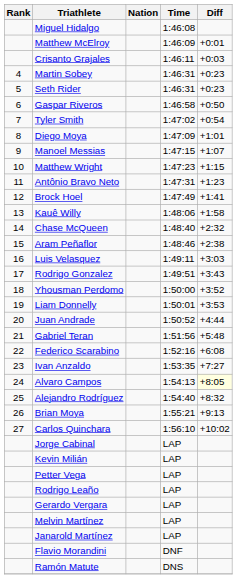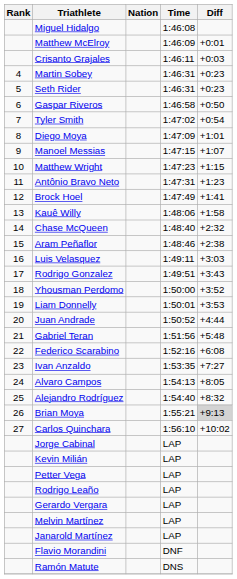 <table class="wikitable sortable" style="font-size:95%" style="width:45em;">
 <tr>
 <th>Rank</th>
 <th>Triathlete</th>
 <th>Nation</th>
 <th>Time</th>
 <th>Diff</th>
 </tr>
 <tr>
 <td align=center></td>
 <td><a href='#'>Miguel Hidalgo</a></td>
 <td></td>
 <td>1:46:08</td>
 <td></td>
 </tr>
 <tr>
 <td align=center></td>
 <td><a href='#'>Matthew McElroy</a></td>
 <td></td>
 <td>1:46:09</td>
 <td>+0:01</td>
 </tr>
 <tr>
 <td align=center></td>
 <td><a href='#'>Crisanto Grajales</a></td>
 <td></td>
 <td>1:46:11</td>
 <td>+0:03</td>
 </tr>
 <tr>
 <td align=center>4</td>
 <td><a href='#'>Martin Sobey</a></td>
 <td></td>
 <td>1:46:31</td>
 <td>+0:23</td>
 </tr>
 <tr>
 <td align=center>5</td>
 <td><a href='#'>Seth Rider</a></td>
 <td></td>
 <td>1:46:31</td>
 <td>+0:23</td>
 </tr>
 <tr>
 <td align=center>6</td>
 <td><a href='#'>Gaspar Riveros</a></td>
 <td></td>
 <td>1:46:58</td>
 <td>+0:50</td>
 </tr>
 <tr>
 <td align=center>7</td>
 <td><a href='#'>Tyler Smith</a></td>
 <td></td>
 <td>1:47:02</td>
 <td>+0:54</td>
 </tr>
 <tr>
 <td align=center>8</td>
 <td><a href='#'>Diego Moya</a></td>
 <td></td>
 <td>1:47:09</td>
 <td>+1:01</td>
 </tr>
 <tr>
 <td align=center>9</td>
 <td><a href='#'>Manoel Messias</a></td>
 <td></td>
 <td>1:47:15</td>
 <td>+1:07</td>
 </tr>
 <tr>
 <td align=center>10</td>
 <td><a href='#'>Matthew Wright</a></td>
 <td></td>
 <td>1:47:23</td>
 <td>+1:15</td>
 </tr>
 <tr>
 <td align=center>11</td>
 <td><a href='#'>Antônio Bravo Neto</a></td>
 <td></td>
 <td>1:47:31</td>
 <td>+1:23</td>
 </tr>
 <tr>
 <td align=center>12</td>
 <td><a href='#'>Brock Hoel</a></td>
 <td></td>
 <td>1:47:49</td>
 <td>+1:41</td>
 </tr>
 <tr>
 <td align=center>13</td>
 <td><a href='#'>Kauê Willy</a></td>
 <td></td>
 <td>1:48:06</td>
 <td>+1:58</td>
 </tr>
 <tr>
 <td align=center>14</td>
 <td><a href='#'>Chase McQueen</a></td>
 <td></td>
 <td>1:48:40</td>
 <td>+2:32</td>
 </tr>
 <tr>
 <td align=center>15</td>
 <td><a href='#'>Aram Peñaflor</a></td>
 <td></td>
 <td>1:48:46</td>
 <td>+2:38</td>
 </tr>
 <tr>
 <td align=center>16</td>
 <td><a href='#'>Luis Velasquez</a></td>
 <td></td>
 <td>1:49:11</td>
 <td>+3:03</td>
 </tr>
 <tr>
 <td align=center>17</td>
 <td><a href='#'>Rodrigo Gonzalez</a></td>
 <td></td>
 <td>1:49:51</td>
 <td>+3:43</td>
 </tr>
 <tr>
 <td align=center>18</td>
 <td><a href='#'>Yhousman Perdomo</a></td>
 <td></td>
 <td>1:50:00</td>
 <td>+3:52</td>
 </tr>
 <tr>
 <td align=center>19</td>
 <td><a href='#'>Liam Donnelly</a></td>
 <td></td>
 <td>1:50:01</td>
 <td>+3:53</td>
 </tr>
 <tr>
 <td align=center>20</td>
 <td><a href='#'>Juan Andrade</a></td>
 <td></td>
 <td>1:50:52</td>
 <td>+4:44</td>
 </tr>
 <tr>
 <td align=center>21</td>
 <td><a href='#'>Gabriel Teran</a></td>
 <td></td>
 <td>1:51:56</td>
 <td>+5:48</td>
 </tr>
 <tr>
 <td align=center>22</td>
 <td><a href='#'>Federico Scarabino</a></td>
 <td></td>
 <td>1:52:16</td>
 <td>+6:08</td>
 </tr>
 <tr>
 <td align=center>23</td>
 <td><a href='#'>Ivan Anzaldo</a></td>
 <td></td>
 <td>1:53:35</td>
 <td>+7:27</td>
 </tr>
 <tr>
 <td align=center>24</td>
 <td><a href='#'>Alvaro Campos</a></td>
 <td></td>
 <td>1:54:13</td>
-<td style="background: lightyellow;">+8:05</td>
+<td>+8:05</td>
 </tr>
 <tr>
 <td align=center>25</td>
 <td><a href='#'>Alejandro Rodríguez</a></td>
 <td></td>
 <td>1:54:40</td>
 <td>+8:32</td>
 </tr>
 <tr>
 <td align=center>26</td>
 <td><a href='#'>Brian Moya</a></td>
 <td></td>
 <td>1:55:21</td>
-<td>+9:13</td>
+<td style="background: lightgrey;">+9:13</td>
 </tr>
 <tr>
 <td align=center>27</td>
 <td><a href='#'>Carlos Quinchara</a></td>
 <td></td>
 <td>1:56:10</td>
 <td>+10:02</td>
 </tr>
 <tr>
 <td align=center></td>
 <td><a href='#'>Jorge Cabinal</a></td>
 <td></td>
 <td>LAP</td>
 <td></td>
 </tr>
 <tr>
 <td align=center></td>
 <td><a href='#'>Kevin Milián</a></td>
 <td></td>
 <td>LAP</td>
 <td></td>
 </tr>
 <tr>
 <td align=center></td>
 <td><a href='#'>Petter Vega</a></td>
 <td></td>
 <td>LAP</td>
 <td></td>
 </tr>
 <tr>
 <td align=center></td>
 <td><a href='#'>Rodrigo Leaño</a></td>
 <td></td>
 <td>LAP</td>
 <td></td>
 </tr>
 <tr>
 <td align=center></td>
 <td><a href='#'>Gerardo Vergara</a></td>
 <td></td>
 <td>LAP</td>
 <td></td>
 </tr>
 <tr>
 <td align=center></td>
 <td><a href='#'>Melvin Martínez</a></td>
 <td></td>
 <td>LAP</td>
 <td></td>
 </tr>
 <tr>
 <td align=center></td>
 <td><a href='#'>Janarold Martínez</a></td>
 <td></td>
 <td>LAP</td>
 <td></td>
 </tr>
 <tr>
 <td align=center></td>
 <td><a href='#'>Flavio Morandini</a></td>
 <td></td>
 <td>DNF</td>
 <td></td>
 </tr>
 <tr>
 <td align=center></td>
 <td><a href='#'>Ramón Matute</a></td>
 <td></td>
 <td>DNS</td>
 <td></td>
 </tr>
 <tr>
 </tr>
 </table>
